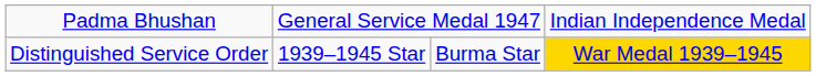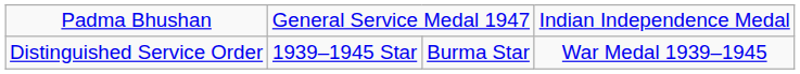 <table class="wikitable" style="margin:1em auto; text-align:center;">
 <tr>
 <td><a href='#'>Padma Bhushan</a></td>
 <td colspan="2"><a href='#'>General Service Medal 1947</a></td>
 <td><a href='#'>Indian Independence Medal</a></td>
 </tr>
 <tr>
 <td><a href='#'>Distinguished Service Order</a></td>
 <td><a href='#'>1939–1945 Star</a></td>
 <td><a href='#'>Burma Star</a></td>
-<td style="background: gold;"><a href='#'>War Medal 1939–1945</a></td>
+<td><a href='#'>War Medal 1939–1945</a></td>
 </tr>
 </table>
